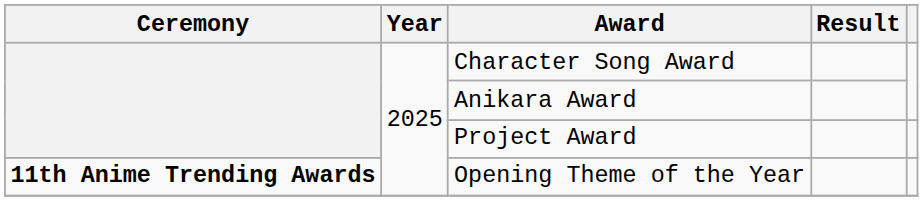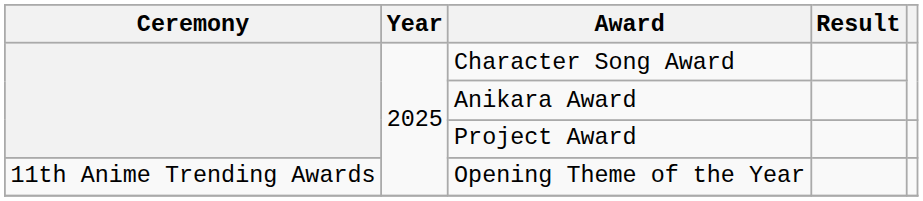 <table class="wikitable plainrowheaders">
 <tr>
 <th scope="col">Ceremony</th>
 <th scope="col">Year</th>
 <th scope="col">Award</th>
 <th scope="col">Result</th>
 <th scope="col" class="unsortable"></th>
 </tr>
 <tr>
 <th scope="row" rowspan="3" style="text-align:center"></th>
 <td rowspan="4">2025</td>
 <td>Character Song Award</td>
 <td></td>
 <td rowspan="2" style="text-align:center;"></td>
 </tr>
 <tr>
 <td>Anikara Award</td>
 <td></td>
 </tr>
 <tr>
 <td>Project Award</td>
 <td></td>
 <td style="text-align:center;"></td>
 </tr>
 <tr>
-<td><strong>11th Anime Trending Awards</strong></td>
+<td>11th Anime Trending Awards</td>
 <td>Opening Theme of the Year</td>
 <td></td>
 <td></td>
 </tr>
 <tr>
 </tr>
 </table>
